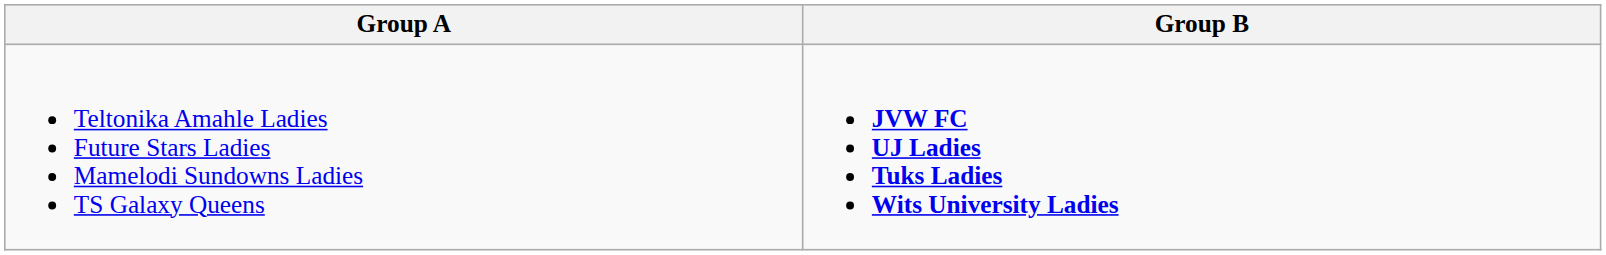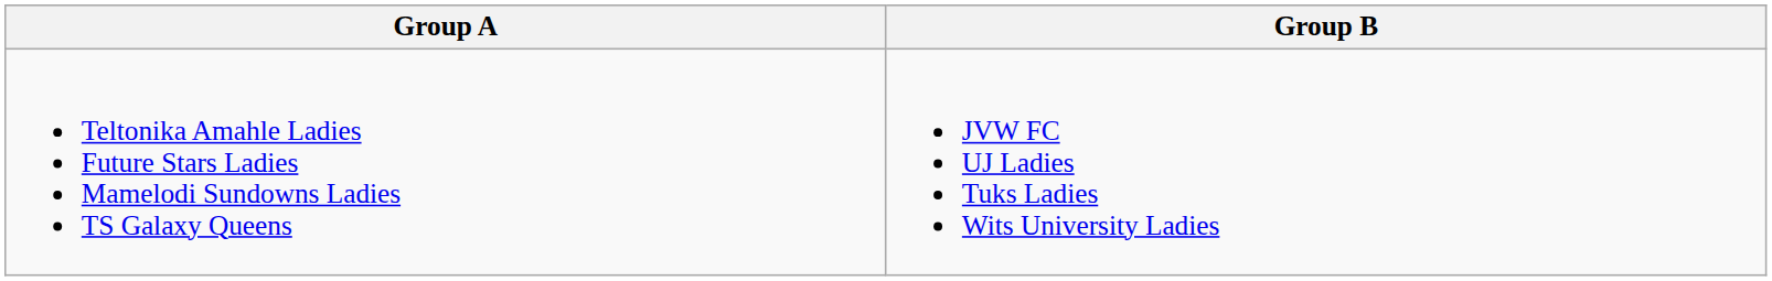 <table class="wikitable" style="width:80%;">
 <tr>
 <th width=25%>Group A</th>
 <th width=25%>Group B</th>
 </tr>
 <tr>
 <td><br><ul><li><a href='#'>Teltonika Amahle Ladies</a></li><li><a href='#'>Future Stars Ladies</a></li><li><a href='#'>Mamelodi Sundowns Ladies</a></li><li><a href='#'>TS Galaxy Queens</a></li></ul></td>
-<td><strong><br><ul><li><a href='#'>JVW FC</a></li><li><a href='#'>UJ Ladies</a></li><li><a href='#'>Tuks Ladies</a></li><li><a href='#'>Wits University Ladies</a></li></ul></strong></td>
+<td><br><ul><li><a href='#'>JVW FC</a></li><li><a href='#'>UJ Ladies</a></li><li><a href='#'>Tuks Ladies</a></li><li><a href='#'>Wits University Ladies</a></li></ul></td>
 </tr>
 </table>
